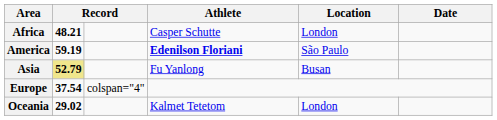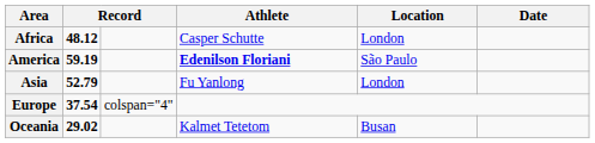 <table class="wikitable">
 <tr>
 <th width="45">Area</th>
 <th width="80" colspan="2">Record</th>
 <th width="200">Athlete</th>
 <th width="130">Location</th>
 <th width="120">Date</th>
 </tr>
 <tr>
 <th>Africa</th>
-<td align="center"><strong>48.21</strong></td>
+<td align="center"><strong>48.12</strong></td>
 <td align="center"></td>
 <td> <a href='#'>Casper Schutte</a></td>
 <td> <a href='#'>London</a></td>
 <td align="right"></td>
 </tr>
 <tr>
 <th>America</th>
 <td align="center"><strong>59.19</strong></td>
 <td align="center"><strong></strong></td>
 <td><strong> <a href='#'>Edenilson Floriani</a></strong></td>
 <td> <a href='#'>São Paulo</a></td>
 <td align="right"></td>
 </tr>
 <tr>
 <th>Asia</th>
-<td align="center" style="background: khaki;"><strong>52.79</strong></td>
+<td align="center"><strong>52.79</strong></td>
 <td align="center"></td>
 <td> <a href='#'>Fu Yanlong</a></td>
-<td> <a href='#'>Busan</a></td>
+<td> <a href='#'>London</a></td>
 <td align="right"></td>
 </tr>
 <tr>
 <th>Europe</th>
 <td align="center"><strong>37.54</strong></td>
 <td>colspan="4" </td>
 </tr>
 <tr>
 <th>Oceania</th>
 <td align="center"><strong>29.02</strong></td>
 <td align="center"></td>
 <td> <a href='#'>Kalmet Tetetom</a></td>
-<td> <a href='#'>London</a></td>
+<td> <a href='#'>Busan</a></td>
 <td align="right"></td>
 </tr>
 </table>
